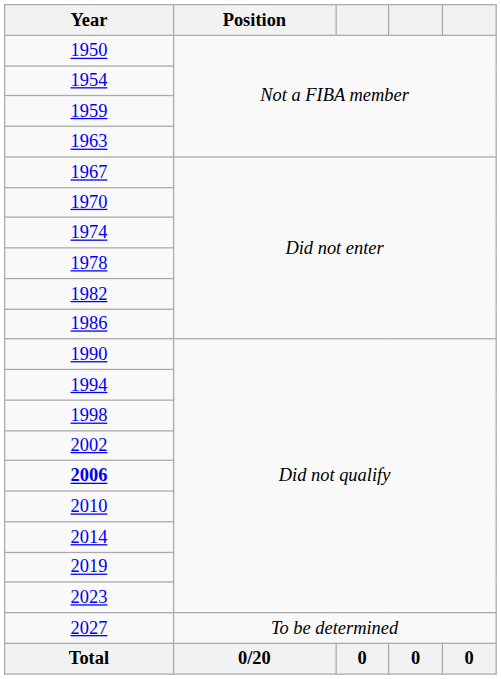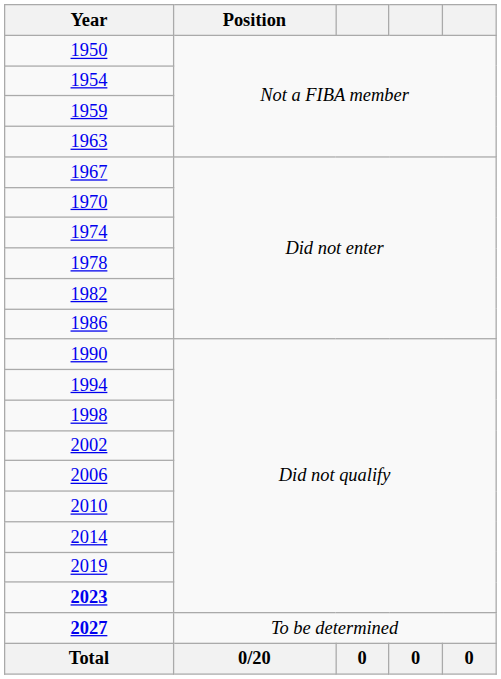 <table class="wikitable" style="text-align: center;font-size:90%;">
 <tr>
 <th width=125>Year</th>
 <th width=120>Position</th>
 <th width=35></th>
 <th width=35></th>
 <th width=35></th>
 </tr>
 <tr>
 <td> <a href='#'>1950</a></td>
 <td rowspan=4 colspan="4"><em>Not a FIBA member</em></td>
 </tr>
 <tr>
 <td> <a href='#'>1954</a></td>
 </tr>
 <tr>
 <td> <a href='#'>1959</a></td>
 </tr>
 <tr>
 <td> <a href='#'>1963</a></td>
 </tr>
 <tr>
 <td> <a href='#'>1967</a></td>
 <td rowspan=6 colspan="4"><em>Did not enter</em></td>
 </tr>
 <tr>
 <td> <a href='#'>1970</a></td>
 </tr>
 <tr>
 <td> <a href='#'>1974</a></td>
 </tr>
 <tr>
 <td> <a href='#'>1978</a></td>
 </tr>
 <tr>
 <td> <a href='#'>1982</a></td>
 </tr>
 <tr>
 <td> <a href='#'>1986</a></td>
 </tr>
 <tr>
 <td> <a href='#'>1990</a></td>
 <td rowspan=9 colspan="4"><em>Did not qualify</em></td>
 </tr>
 <tr>
 <td> <a href='#'>1994</a></td>
 </tr>
 <tr>
 <td> <a href='#'>1998</a></td>
 </tr>
 <tr>
 <td> <a href='#'>2002</a></td>
 </tr>
 <tr>
-<td><strong> <a href='#'>2006</a></strong></td>
+<td> <a href='#'>2006</a></td>
 </tr>
 <tr>
 <td> <a href='#'>2010</a></td>
 </tr>
 <tr>
 <td> <a href='#'>2014</a></td>
 </tr>
 <tr>
 <td> <a href='#'>2019</a></td>
 </tr>
 <tr>
-<td>   <a href='#'>2023</a></td>
+<td><strong>   <a href='#'>2023</a></strong></td>
 </tr>
 <tr>
-<td> <a href='#'>2027</a></td>
+<td><strong> <a href='#'>2027</a></strong></td>
 <td colspan="4"><em>To be determined</em></td>
 </tr>
 <tr>
 <th>Total</th>
 <th>0/20</th>
 <th>0</th>
 <th>0</th>
 <th>0</th>
 </tr>
 </table>
